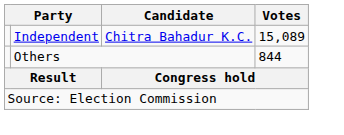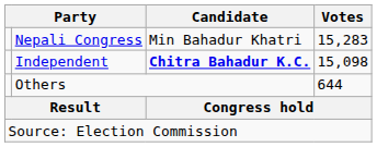 <table class="wikitable">
 <tr>
 <th colspan="2">Party</th>
 <th>Candidate</th>
 <th>Votes</th>
 </tr>
 <tr>
 <td style="background-color:"></td>
+<td><a href='#'>Nepali Congress</a></td>
+<td>Min Bahadur Khatri</td>
+<td>15,283</td>
+</tr>
+<tr>
+<td style="background-color:"></td>
 <td><a href='#'>Independent</a></td>
-<td><a href='#'>Chitra Bahadur K.C.</a></td>
-<td>15,089</td>
+<td><strong><a href='#'>Chitra Bahadur K.C.</a></strong></td>
+<td>15,098</td>
 </tr>
 <tr>
 <td></td>
 <td colspan="2">Others</td>
-<td>844</td>
+<td>644</td>
 </tr>
 <tr>
 <th colspan="2">Result</th>
 <th colspan="2">Congress hold</th>
 </tr>
 <tr>
 <td colspan="4">Source: Election Commission</td>
 </tr>
 </table>
